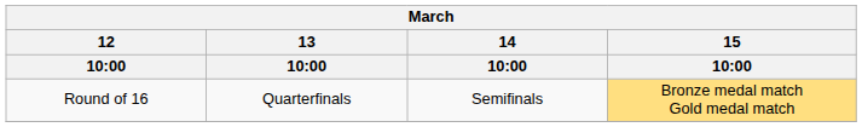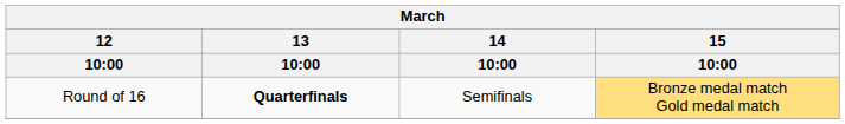 <table class="wikitable" style="margin:1em auto; text-align:center">
 <tr>
 <th colspan=5>March</th>
 </tr>
 <tr>
 <th width=200>12</th>
 <th width=200>13</th>
 <th width=200>14</th>
 <th width=250>15</th>
 </tr>
 <tr>
 <th>10:00</th>
 <th>10:00</th>
 <th>10:00</th>
 <th>10:00</th>
 </tr>
 <tr>
 <td>Round of 16</td>
-<td>Quarterfinals</td>
+<td><strong>Quarterfinals</strong></td>
 <td>Semifinals</td>
 <td style="background:#ffdf80;">Bronze medal match<br>Gold medal match</td>
 </tr>
 <tr>
 </tr>
 </table>
